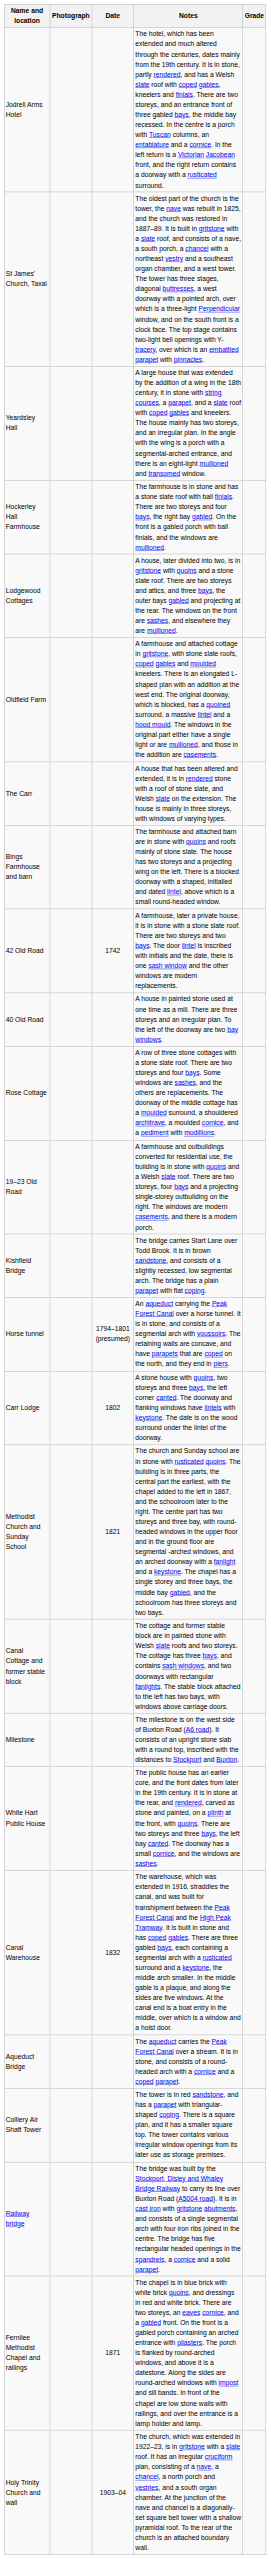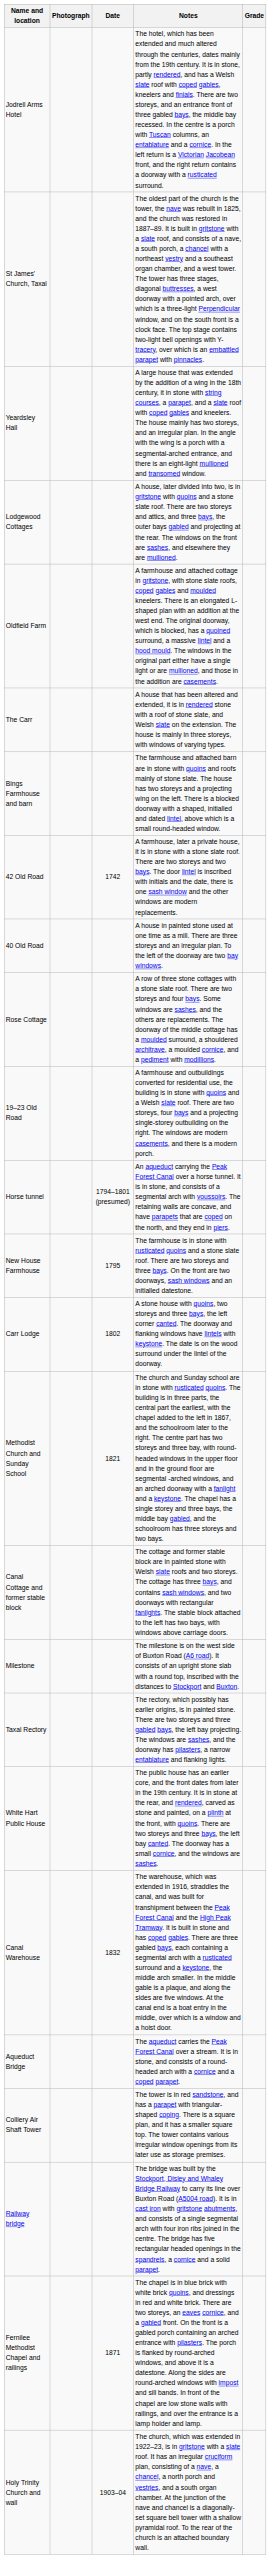 <table class="wikitable sortable plainrowheaders" style="width:100%; border:0; text-align:left; line-height:150%;">
 <tr>
 <th scope="col"  style="width:150px">Name and location</th>
 <th scope="col"  style="width:100px" class="unsortable">Photograph</th>
 <th scope="col"  style="width:120px">Date</th>
 <th scope="col"  style="width:650px" class="unsortable">Notes</th>
 <th scope="col"  style="width:50px">Grade</th>
 </tr>
 <tr>
 <td>Jodrell Arms Hotel<br><small></small></td>
 <td></td>
 <td align="center"></td>
 <td>The hotel, which has been extended and much altered through the centuries, dates mainly from the 19th century.  It is in stone, partly <a href='#'>rendered</a>, and has a Welsh <a href='#'>slate</a> roof with <a href='#'>coped</a> <a href='#'>gables</a>, kneelers and <a href='#'>finials</a>.  There are two storeys, and an entrance front of three gabled <a href='#'>bays</a>, the middle bay recessed.  In the centre is a porch with <a href='#'>Tuscan</a> columns, an <a href='#'>entablature</a> and a <a href='#'>cornice</a>.  In the left return is a <a href='#'>Victorian</a> <a href='#'>Jacobean</a> front, and the right return contains a doorway with a <a href='#'>rusticated</a> surround.</td>
 <td align="center" ></td>
 </tr>
 <tr>
 <td>St James' Church, Taxal<br><small></small></td>
 <td></td>
 <td align="center"></td>
 <td>The oldest part of the church is the tower, the <a href='#'>nave</a> was rebuilt in 1825, and the church was restored in 1887–89.  It is built in <a href='#'>gritstone</a> with a <a href='#'>slate</a> roof, and consists of a nave, a south porch, a <a href='#'>chancel</a> with a northeast <a href='#'>vestry</a> and a southeast organ chamber, and a west tower.  The tower has three stages, diagonal <a href='#'>buttresses</a>, a west doorway with a pointed arch, over which is a three-light <a href='#'>Perpendicular</a> window, and on the south front is a clock face.  The top stage contains two-light bell openings with Y-<a href='#'>tracery</a>, over which is an <a href='#'>embattled</a> <a href='#'>parapet</a> with <a href='#'>pinnacles</a>.</td>
 <td align="center" ></td>
 </tr>
 <tr>
 <td>Yeardsley Hall<br><small></small></td>
 <td></td>
 <td align="center"></td>
 <td>A large house that was extended by the addition of a wing in the 18th century, it in stone with <a href='#'>string courses</a>, a <a href='#'>parapet</a>, and a <a href='#'>slate</a> roof with <a href='#'>coped</a> <a href='#'>gables</a> and kneelers.  The house mainly has two storeys, and an irregular plan.  In the angle with the wing is a porch with a segmental-arched entrance, and there is an eight-light <a href='#'>mullioned</a> and <a href='#'>transomed</a> window.</td>
-<td align="center" ></td>
-</tr>
-<tr>
-<td>Hockerley Hall Farmhouse<br><small></small></td>
-<td></td>
-<td align="center"></td>
-<td>The farmhouse is in stone and has a stone slate roof with ball <a href='#'>finials</a>.  There are two storeys and four <a href='#'>bays</a>, the right bay <a href='#'>gabled</a>.  On the front is a gabled porch with ball finials, and the windows are <a href='#'>mullioned</a>.</td>
 <td align="center" ></td>
 </tr>
 <tr>
 <td>Lodgewood Cottages<br><small></small></td>
 <td></td>
 <td align="center"></td>
 <td>A house, later divided into two, is in <a href='#'>gritstone</a> with <a href='#'>quoins</a> and a stone slate roof.  There are two storeys and attics, and three <a href='#'>bays</a>, the outer bays <a href='#'>gabled</a> and projecting at the rear.  The windows on the front are <a href='#'>sashes</a>, and elsewhere they are <a href='#'>mullioned</a>.</td>
 <td align="center" ></td>
 </tr>
 <tr>
 <td>Oldfield Farm<br><small></small></td>
 <td></td>
 <td align="center"></td>
 <td>A farmhouse and attached cottage in <a href='#'>gritstone</a>, with stone slate roofs, <a href='#'>coped</a> <a href='#'>gables</a> and <a href='#'>moulded</a> kneelers.  There is an elongated L-shaped plan with an addition at the west end.  The original doorway, which is blocked, has a <a href='#'>quoined</a> surround, a massive <a href='#'>lintel</a> and a <a href='#'>hood mould</a>.  The windows in the original part either have a single light or are <a href='#'>mullioned</a>, and those in the addition are <a href='#'>casements</a>.</td>
 <td align="center" ></td>
 </tr>
 <tr>
 <td>The Carr<br><small></small></td>
 <td></td>
 <td align="center"></td>
 <td>A house that has been altered and extended, it is in <a href='#'>rendered</a> stone with a roof of stone slate, and Welsh <a href='#'>slate</a> on the extension.  The house is mainly in three storeys, with windows of varying types.</td>
 <td align="center" ></td>
 </tr>
 <tr>
 <td>Bings Farmhouse and barn<br><small></small></td>
 <td></td>
 <td align="center"></td>
 <td>The farmhouse and attached barn are in stone with <a href='#'>quoins</a> and roofs mainly of stone slate.  The house has two storeys and a projecting wing on the left.  There is a blocked doorway with a shaped, initialled and dated <a href='#'>lintel</a>, above which is a small round-headed window.</td>
 <td align="center" ></td>
 </tr>
 <tr>
 <td>42 Old Road<br><small></small></td>
 <td></td>
 <td align="center">1742</td>
 <td>A farmhouse, later a private house, it is in stone with a stone slate roof.  There are two storeys and two <a href='#'>bays</a>.  The door <a href='#'>lintel</a> is inscribed with initials and the date, there is one <a href='#'>sash window</a> and the other windows are modern replacements.</td>
 <td align="center" ></td>
 </tr>
 <tr>
 <td>40 Old Road<br><small></small></td>
 <td></td>
 <td align="center"></td>
 <td>A house in painted stone used at one time as a mill.  There are three storeys and an irregular plan.  To the left of the doorway are two <a href='#'>bay windows</a>.</td>
 <td align="center" ></td>
 </tr>
 <tr>
 <td>Rose Cottage<br><small></small></td>
 <td></td>
 <td align="center"></td>
 <td>A row of three stone cottages with a stone slate roof.  There are two storeys and four <a href='#'>bays</a>.  Some windows are <a href='#'>sashes</a>, and the others are replacements.  The doorway of the middle cottage has a <a href='#'>moulded</a> surround, a shouldered <a href='#'>architrave</a>, a moulded <a href='#'>cornice</a>, and a <a href='#'>pediment</a> with <a href='#'>modillions</a>.</td>
 <td align="center" ></td>
 </tr>
 <tr>
 <td>19–23 Old Road<br><small></small></td>
 <td></td>
 <td align="center"></td>
 <td>A farmhouse and outbuildings converted for residential use, the building is in stone with <a href='#'>quoins</a> and a Welsh <a href='#'>slate</a> roof.  There are two storeys, four <a href='#'>bays</a> and a projecting single-storey outbuilding on the right.  The windows are modern <a href='#'>casements</a>, and there is a modern porch.</td>
 <td align="center" ></td>
 </tr>
 <tr>
-<td>Kishfield Bridge<br><small></small></td>
-<td></td>
-<td align="center"></td>
-<td>The bridge carries Start Lane over Todd Brook.  It is in brown <a href='#'>sandstone</a>, and consists of a slightly recessed, low segmental arch. The bridge has a plain <a href='#'>parapet</a> with flat <a href='#'>coping</a>.</td>
-<td align="center" ></td>
-</tr>
-<tr>
 <td>Horse tunnel<br><small></small></td>
 <td></td>
 <td align="center">1794–1801 (presumed)</td>
 <td>An <a href='#'>aqueduct</a> carrying the <a href='#'>Peak Forest Canal</a> over a horse tunnel.  It is in stone, and consists of a segmental arch with <a href='#'>voussoirs</a>.  The retaining walls are concave, and have <a href='#'>parapets</a> that are <a href='#'>coped</a> on the north, and they end in <a href='#'>piers</a>.</td>
+<td align="center" ></td>
+</tr>
+<tr>
+<td>New House Farmhouse<br><small></small></td>
+<td></td>
+<td align="center">1795</td>
+<td>The farmhouse is in stone with <a href='#'>rusticated</a> <a href='#'>quoins</a> and a stone slate roof.  There are two storeys and three <a href='#'>bays</a>.  On the front are two doorways, <a href='#'>sash windows</a> and an initialled datestone.</td>
 <td align="center" ></td>
 </tr>
 <tr>
 <td>Carr Lodge<br><small></small></td>
 <td></td>
 <td align="center">1802</td>
 <td>A stone house with <a href='#'>quoins</a>, two storeys and three <a href='#'>bays</a>, the left corner <a href='#'>canted</a>.  The doorway and flanking windows have <a href='#'>lintels</a> with <a href='#'>keystone</a>.  The date is on the wood surround under the lintel of the doorway.</td>
 <td align="center" ></td>
 </tr>
 <tr>
 <td>Methodist Church and Sunday School<br><small></small></td>
 <td></td>
 <td align="center">1821</td>
 <td>The church and Sunday school are in stone with <a href='#'>rusticated</a> <a href='#'>quoins</a>.  The building is in three parts, the central part the earliest, with the chapel added to the left in 1867, and the schoolroom later to the right.  The centre part has two storeys and three bay, with round-headed windows in the upper floor and in the ground floor are segmental -arched windows, and an arched doorway with a <a href='#'>fanlight</a> and a <a href='#'>keystone</a>.  The chapel has a single storey and three bays, the middle bay <a href='#'>gabled</a>, and the schoolroom has three storeys and two bays.</td>
 <td align="center" ></td>
 </tr>
 <tr>
 <td>Canal Cottage and former stable block<br><small></small></td>
 <td></td>
 <td align="center"></td>
 <td>The cottage and former stable block are in painted stone with Welsh <a href='#'>slate</a> roofs and two storeys.  The cottage has three <a href='#'>bays</a>, and contains <a href='#'>sash windows</a>, and two doorways with rectangular <a href='#'>fanlights</a>.  The stable block attached to the left has two bays, with windows above carriage doors.</td>
 <td align="center" ></td>
 </tr>
 <tr>
 <td>Milestone<br><small></small></td>
 <td></td>
 <td align="center"></td>
 <td>The milestone is on the west side of Buxton Road (<a href='#'>A6 road</a>).  It consists of an upright stone slab with a round top, inscribed with the distances to <a href='#'>Stockport</a> and <a href='#'>Buxton</a>.</td>
+<td align="center" ></td>
+</tr>
+<tr>
+<td>Taxal Rectory<br><small></small></td>
+<td></td>
+<td align="center"></td>
+<td>The rectory, which possibly has earlier origins, is in painted stone.  There are two storeys and three <a href='#'>gabled</a> <a href='#'>bays</a>, the left bay projecting.  The windows are <a href='#'>sashes</a>, and the doorway has <a href='#'>pilasters</a>, a narrow <a href='#'>entablature</a> and flanking lights.</td>
 <td align="center" ></td>
 </tr>
 <tr>
 <td>White Hart Public House<br><small></small></td>
 <td></td>
 <td align="center"></td>
 <td>The public house has an earlier core, and the front dates from later in the 19th century.  It is in stone at the rear, and <a href='#'>rendered</a>, carved as stone and painted, on a <a href='#'>plinth</a> at the front, with <a href='#'>quoins</a>.  There are two storeys and three <a href='#'>bays</a>, the left bay <a href='#'>canted</a>.  The doorway has a small <a href='#'>cornice</a>, and the windows are <a href='#'>sashes</a>.</td>
 <td align="center" ></td>
 </tr>
 <tr>
 <td>Canal Warehouse<br><small></small></td>
 <td></td>
 <td align="center">1832</td>
 <td>The warehouse, which was extended in 1916, straddles the canal, and was built for transhipment between the <a href='#'>Peak Forest Canal</a> and the <a href='#'>High Peak Tramway</a>.  It is built in stone and has <a href='#'>coped</a> <a href='#'>gables</a>.  There are three gabled <a href='#'>bays</a>, each containing a segmental arch with a <a href='#'>rusticated</a> surround and a <a href='#'>keystone</a>, the middle arch smaller.  In the middle gable is a plaque, and along the sides are five windows.  At the canal end is a boat entry in the middle, over which is a window and a hoist door.</td>
 <td align="center" ></td>
 </tr>
 <tr>
 <td>Aqueduct Bridge<br><small></small></td>
 <td></td>
 <td align="center"></td>
 <td>The <a href='#'>aqueduct</a> carries the <a href='#'>Peak Forest Canal</a> over a stream.  It is in stone, and consists of a round-headed arch with a <a href='#'>cornice</a> and a <a href='#'>coped</a> <a href='#'>parapet</a>.</td>
 <td align="center" ></td>
 </tr>
 <tr>
 <td>Colliery Air Shaft Tower<br><small></small></td>
 <td></td>
 <td align="center"></td>
 <td>The tower is in red <a href='#'>sandstone</a>, and has a <a href='#'>parapet</a> with triangular-shaped <a href='#'>coping</a>.  There is a square plan, and it has a smaller square top.  The tower contains various irregular window openings from its later use as storage premises.</td>
 <td align="center" ></td>
 </tr>
 <tr>
 <td><a href='#'>Railway bridge</a><br><small></small></td>
 <td></td>
 <td align="center"></td>
 <td>The bridge was built by the <a href='#'>Stockport, Disley and Whaley Bridge Railway</a> to carry its line over Buxton Road (<a href='#'>A5004 road</a>).  It is in <a href='#'>cast iron</a> with <a href='#'>gritstone</a> <a href='#'>abutments</a>, and consists of a single segmental arch with four iron ribs joined in the centre.  The bridge has five rectangular headed openings in the <a href='#'>spandrels</a>, a <a href='#'>cornice</a> and a solid <a href='#'>parapet</a>.</td>
 <td align="center" ></td>
 </tr>
 <tr>
 <td>Fernilee Methodist Chapel and railings<br><small></small></td>
 <td></td>
 <td align="center">1871</td>
 <td>The chapel is in blue brick with white brick <a href='#'>quoins</a>, and dressings in red and white brick.  There are two storeys, an <a href='#'>eaves</a> <a href='#'>cornice</a>, and a <a href='#'>gabled</a> front.  On the front is a gabled porch containing an arched entrance with <a href='#'>pilasters</a>. The porch is flanked by round-arched windows, and above it is a datestone.  Along the sides are round-arched windows with <a href='#'>impost</a> and sill bands.  In front of the chapel are low stone walls with railings, and over the entrance is a lamp holder and lamp.</td>
 <td align="center" ></td>
 </tr>
 <tr>
 <td>Holy Trinity Church and wall<br><small></small></td>
 <td></td>
 <td align="center">1903–04</td>
 <td>The church, which was extended in 1922–23, is in <a href='#'>gritstone</a> with a <a href='#'>slate</a> roof.  It has an irregular <a href='#'>cruciform</a> plan, consisting of a <a href='#'>nave</a>, a <a href='#'>chancel</a>, a north porch and <a href='#'>vestries</a>, and a south organ chamber.  At the junction of the nave and chancel is a diagonally-set square bell tower with a shallow pyramidal roof.  To the rear of the church is an attached boundary wall.</td>
 <td align="center" ></td>
 </tr>
 <tr>
 </tr>
 </table>
